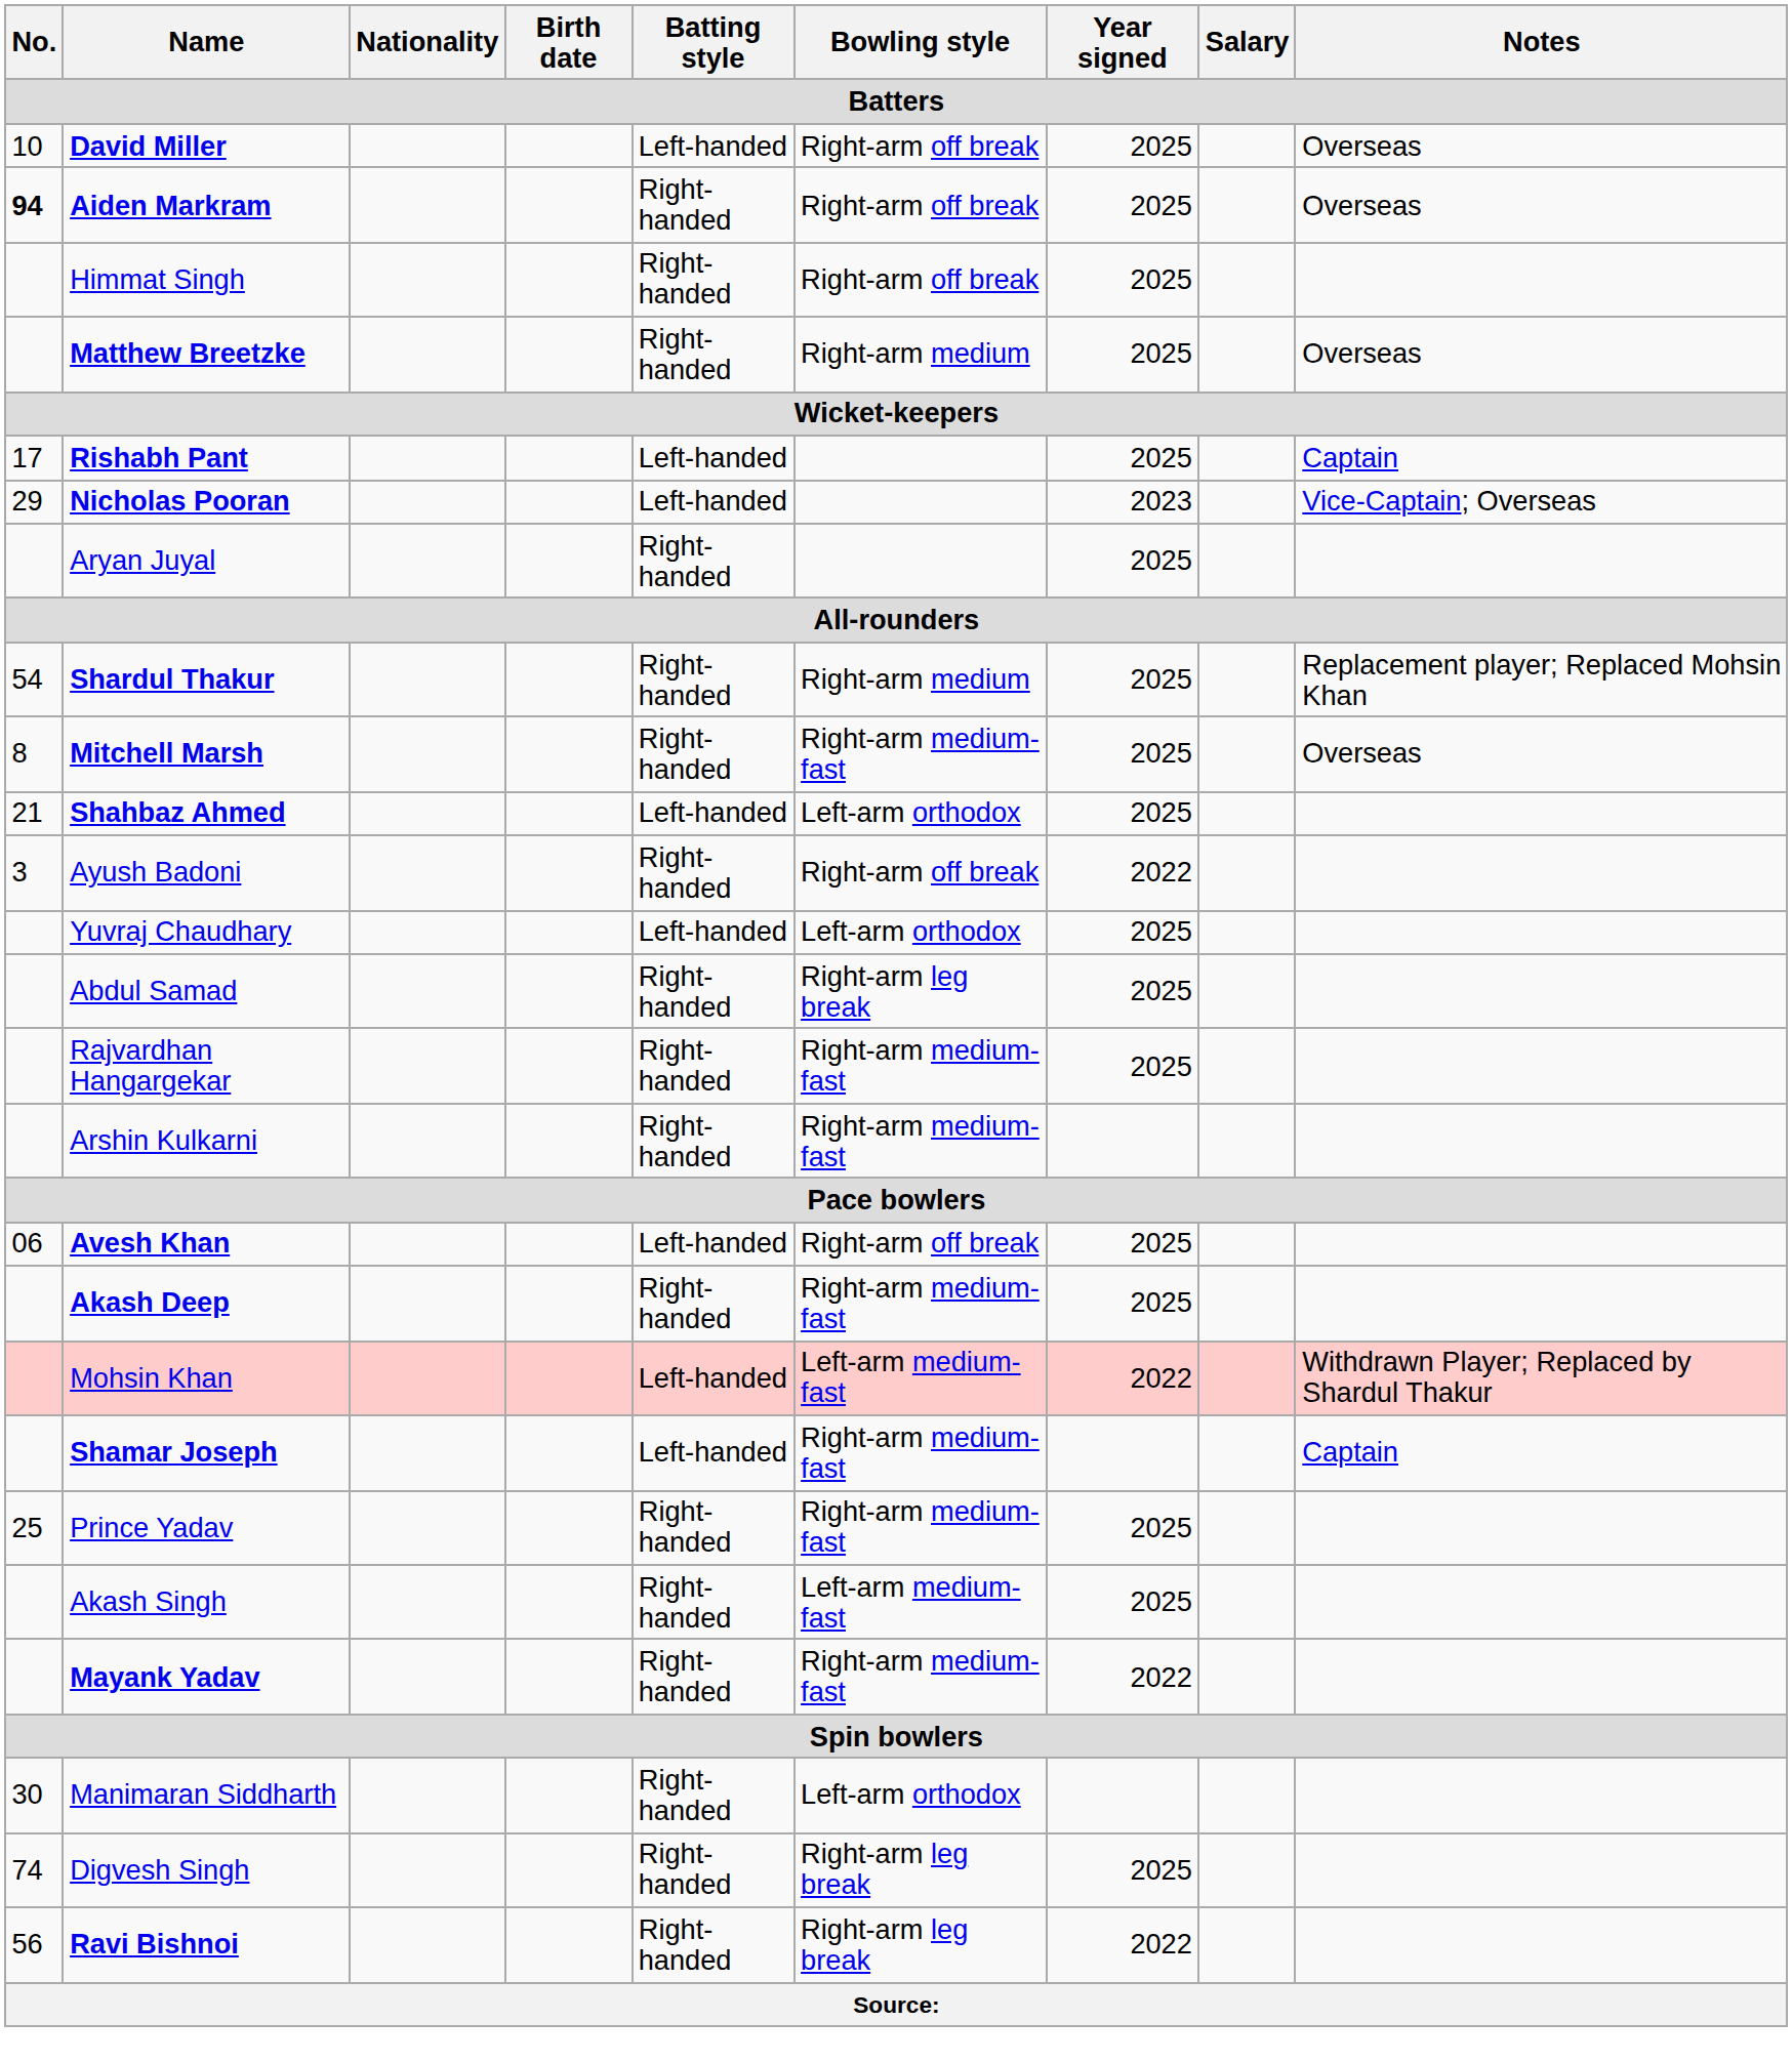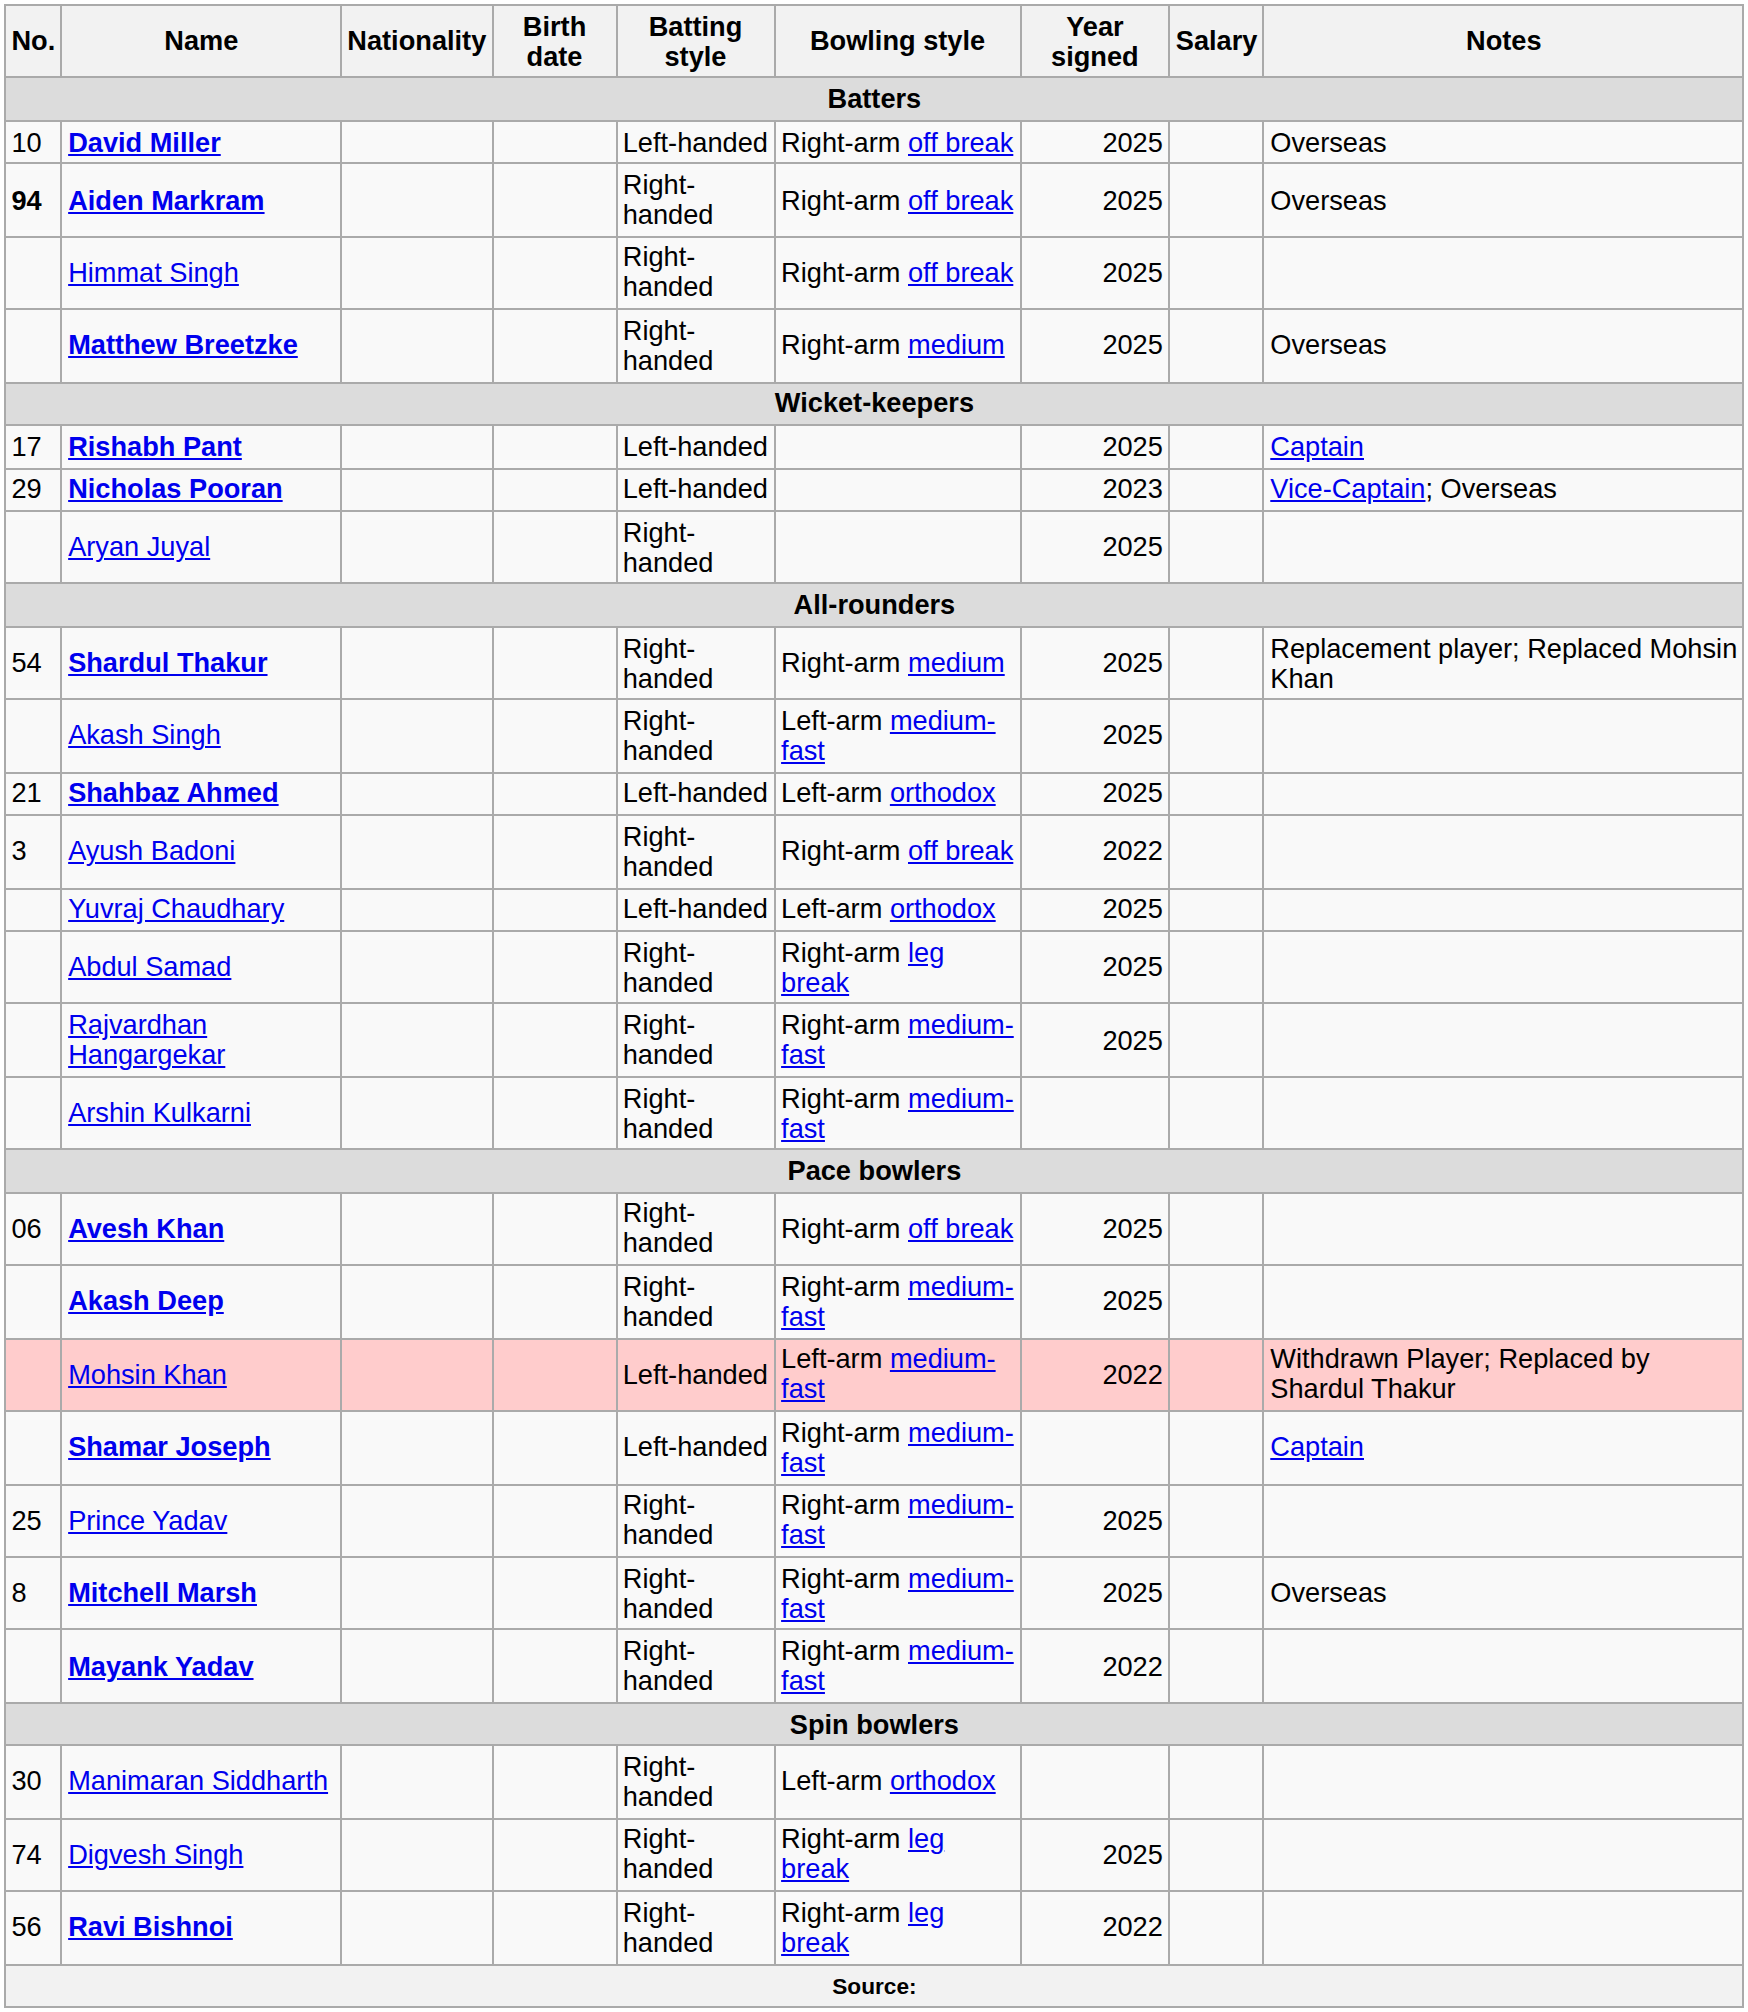 <table class="wikitable" style="font-size:85%">
 <tr>
 <th>No.</th>
 <th>Name</th>
 <th>Nationality</th>
 <th>Birth date</th>
 <th>Batting style</th>
 <th>Bowling style</th>
 <th>Year signed</th>
 <th>Salary</th>
 <th>Notes</th>
 </tr>
 <tr>
 <th colspan="9"  style="background:#dcdcdc; text-align:center;">Batters</th>
 </tr>
 <tr>
 <td>10</td>
 <td><strong><a href='#'>David Miller</a></strong></td>
 <td></td>
 <td></td>
 <td>Left-handed</td>
 <td>Right-arm <a href='#'>off break</a></td>
 <td style="text-align:right;">2025</td>
 <td style="text-align:right;"></td>
 <td>Overseas</td>
 </tr>
 <tr>
 <td><strong>94</strong></td>
 <td><strong><a href='#'>Aiden Markram</a></strong></td>
 <td></td>
 <td></td>
 <td>Right-handed</td>
 <td>Right-arm <a href='#'>off break</a></td>
 <td style="text-align:right;">2025</td>
 <td style="text-align:right;"></td>
 <td>Overseas</td>
 </tr>
 <tr>
 <td></td>
 <td><a href='#'>Himmat Singh</a></td>
 <td></td>
 <td></td>
 <td>Right-handed</td>
 <td>Right-arm <a href='#'>off break</a></td>
 <td style="text-align:right;">2025</td>
 <td style="text-align:right;"></td>
 <td></td>
 </tr>
 <tr>
 <td></td>
 <td><strong><a href='#'>Matthew Breetzke</a></strong></td>
 <td></td>
 <td></td>
 <td>Right-handed</td>
 <td>Right-arm <a href='#'>medium</a></td>
 <td style="text-align:right;">2025</td>
 <td style="text-align:right;"></td>
 <td>Overseas</td>
 </tr>
 <tr>
 <th colspan="9" style="background:#dcdcdc; text-align:center">Wicket-keepers</th>
 </tr>
 <tr>
 <td>17</td>
 <td><strong><a href='#'>Rishabh Pant</a></strong></td>
 <td></td>
 <td></td>
 <td>Left-handed</td>
 <td></td>
 <td style="text-align:right;">2025</td>
 <td style="text-align:right;"></td>
 <td><a href='#'>Captain</a></td>
 </tr>
 <tr>
 <td>29</td>
 <td><strong><a href='#'>Nicholas Pooran</a></strong></td>
 <td></td>
 <td></td>
 <td>Left-handed</td>
 <td></td>
 <td style="text-align:right;">2023</td>
 <td style="text-align:right;"></td>
 <td><a href='#'>Vice-Captain</a>; Overseas</td>
 </tr>
 <tr>
 <td></td>
 <td><a href='#'>Aryan Juyal</a></td>
 <td></td>
 <td></td>
 <td>Right-handed</td>
 <td></td>
 <td style="text-align:right;">2025</td>
 <td style="text-align:right;"></td>
 <td></td>
 </tr>
 <tr>
 <th colspan="9" style="background:#dcdcdc; text-align:center">All-rounders</th>
 </tr>
 <tr>
 <td>54</td>
 <td><strong><a href='#'>Shardul Thakur</a></strong></td>
 <td></td>
 <td></td>
 <td>Right-handed</td>
 <td>Right-arm <a href='#'>medium</a></td>
 <td style="text-align:right;">2025</td>
 <td style="text-align:right;"></td>
 <td>Replacement player; Replaced Mohsin Khan</td>
 </tr>
 <tr>
-<td>8</td>
-<td><strong><a href='#'>Mitchell Marsh</a></strong></td>
+<td></td>
+<td><a href='#'>Akash Singh</a></td>
 <td></td>
 <td></td>
 <td>Right-handed</td>
-<td>Right-arm <a href='#'>medium-fast</a></td>
+<td>Left-arm <a href='#'>medium-fast</a></td>
 <td style="text-align:right;">2025</td>
 <td style="text-align:right;"></td>
-<td>Overseas</td>
+<td></td>
 </tr>
 <tr>
 <td>21</td>
 <td><strong><a href='#'>Shahbaz Ahmed</a></strong></td>
 <td></td>
 <td></td>
 <td>Left-handed</td>
 <td>Left-arm <a href='#'>orthodox</a></td>
 <td style="text-align:right;">2025</td>
 <td style="text-align:right;"></td>
 <td></td>
 </tr>
 <tr>
 <td>3</td>
 <td><a href='#'>Ayush Badoni</a></td>
 <td></td>
 <td></td>
 <td>Right-handed</td>
 <td>Right-arm <a href='#'>off break</a></td>
 <td style="text-align:right;">2022</td>
 <td style="text-align:right;"></td>
 <td></td>
 </tr>
 <tr>
 <td></td>
 <td><a href='#'>Yuvraj Chaudhary</a></td>
 <td></td>
 <td></td>
 <td>Left-handed</td>
 <td>Left-arm <a href='#'>orthodox</a></td>
 <td style="text-align:right;">2025</td>
 <td style="text-align:right;"></td>
 <td></td>
 </tr>
 <tr>
 <td></td>
 <td><a href='#'>Abdul Samad</a></td>
 <td></td>
 <td></td>
 <td>Right-handed</td>
 <td>Right-arm <a href='#'>leg break</a></td>
 <td style="text-align:right;">2025</td>
 <td style="text-align:right;"></td>
 <td></td>
 </tr>
 <tr>
 <td></td>
 <td><a href='#'>Rajvardhan Hangargekar</a></td>
 <td></td>
 <td></td>
 <td>Right-handed</td>
 <td>Right-arm <a href='#'>medium-fast</a></td>
 <td style="text-align:right;">2025</td>
 <td style="text-align:right;"></td>
 <td></td>
 </tr>
 <tr>
 <td></td>
 <td><a href='#'>Arshin Kulkarni</a></td>
 <td></td>
 <td></td>
 <td>Right-handed</td>
 <td>Right-arm <a href='#'>medium-fast</a></td>
 <td style="text-align:right;"></td>
 <td style="text-align:right;"></td>
 <td></td>
 </tr>
 <tr>
 <th colspan="9"  style="background:#dcdcdc; text-align:center;">Pace bowlers</th>
 </tr>
 <tr>
 <td>06</td>
 <td><strong><a href='#'>Avesh Khan</a></strong></td>
 <td></td>
 <td></td>
-<td>Left-handed</td>
+<td>Right-handed</td>
 <td>Right-arm <a href='#'>off break</a></td>
 <td style="text-align:right;">2025</td>
 <td style="text-align:right;"></td>
 <td></td>
 </tr>
 <tr>
 <td></td>
 <td><strong><a href='#'>Akash Deep</a></strong></td>
 <td></td>
 <td></td>
 <td>Right-handed</td>
 <td>Right-arm <a href='#'>medium-fast</a></td>
 <td style="text-align:right;">2025</td>
 <td style="text-align:right;"></td>
 <td></td>
 </tr>
 <tr>
 </tr>
 <tr style="background:#FFCCCC">
 <td></td>
 <td><a href='#'>Mohsin Khan</a></td>
 <td></td>
 <td></td>
 <td>Left-handed</td>
 <td>Left-arm <a href='#'>medium-fast</a></td>
 <td style="text-align:right;">2022</td>
 <td style="text-align:right;"></td>
 <td>Withdrawn Player; Replaced by Shardul Thakur</td>
 </tr>
 <tr>
 <td></td>
 <td><strong><a href='#'>Shamar Joseph</a></strong></td>
 <td></td>
 <td></td>
 <td>Left-handed</td>
 <td>Right-arm <a href='#'>medium-fast</a></td>
 <td style="text-align:right;"></td>
 <td style="text-align:right;"></td>
 <td><a href='#'>Captain</a></td>
 </tr>
 <tr>
 <td>25</td>
 <td><a href='#'>Prince Yadav</a></td>
 <td></td>
 <td></td>
 <td>Right-handed</td>
 <td>Right-arm <a href='#'>medium-fast</a></td>
 <td style="text-align:right;">2025</td>
 <td style="text-align:right;"></td>
 <td></td>
 </tr>
 <tr>
-<td></td>
-<td><a href='#'>Akash Singh</a></td>
+<td>8</td>
+<td><strong><a href='#'>Mitchell Marsh</a></strong></td>
 <td></td>
 <td></td>
 <td>Right-handed</td>
-<td>Left-arm <a href='#'>medium-fast</a></td>
+<td>Right-arm <a href='#'>medium-fast</a></td>
 <td style="text-align:right;">2025</td>
 <td style="text-align:right;"></td>
-<td></td>
+<td>Overseas</td>
 </tr>
 <tr>
 <td></td>
 <td><strong><a href='#'>Mayank Yadav</a></strong></td>
 <td></td>
 <td></td>
 <td>Right-handed</td>
 <td>Right-arm <a href='#'>medium-fast</a></td>
 <td style="text-align:right;">2022</td>
 <td style="text-align:right;"></td>
 <td></td>
 </tr>
 <tr>
 <th colspan="9"  style="background:#dcdcdc; text-align:center;">Spin bowlers</th>
 </tr>
 <tr>
 <td>30</td>
 <td><a href='#'>Manimaran Siddharth</a></td>
 <td></td>
 <td></td>
 <td>Right-handed</td>
 <td>Left-arm <a href='#'>orthodox</a></td>
 <td style="text-align:right;"></td>
 <td style="text-align:right;"></td>
 <td></td>
 </tr>
 <tr>
 <td>74</td>
 <td><a href='#'>Digvesh Singh</a></td>
 <td></td>
 <td></td>
 <td>Right-handed</td>
 <td>Right-arm <a href='#'>leg break</a></td>
 <td style="text-align:right;">2025</td>
 <td style="text-align:right;"></td>
 <td></td>
 </tr>
 <tr>
 <td>56</td>
 <td><strong><a href='#'>Ravi Bishnoi</a></strong></td>
 <td></td>
 <td></td>
 <td>Right-handed</td>
 <td>Right-arm <a href='#'>leg break</a></td>
 <td style="text-align:right;">2022</td>
 <td style="text-align:right;"></td>
 <td></td>
 </tr>
 <tr>
 <th colspan="9" style="text-align:center;"><small>Source: </small></th>
 </tr>
 </table>
